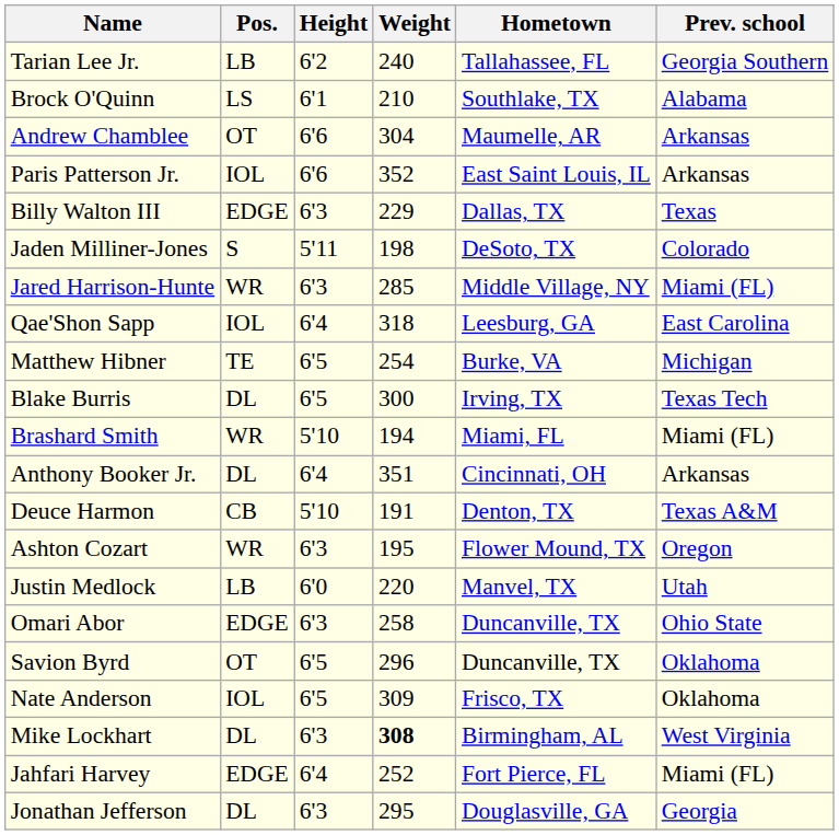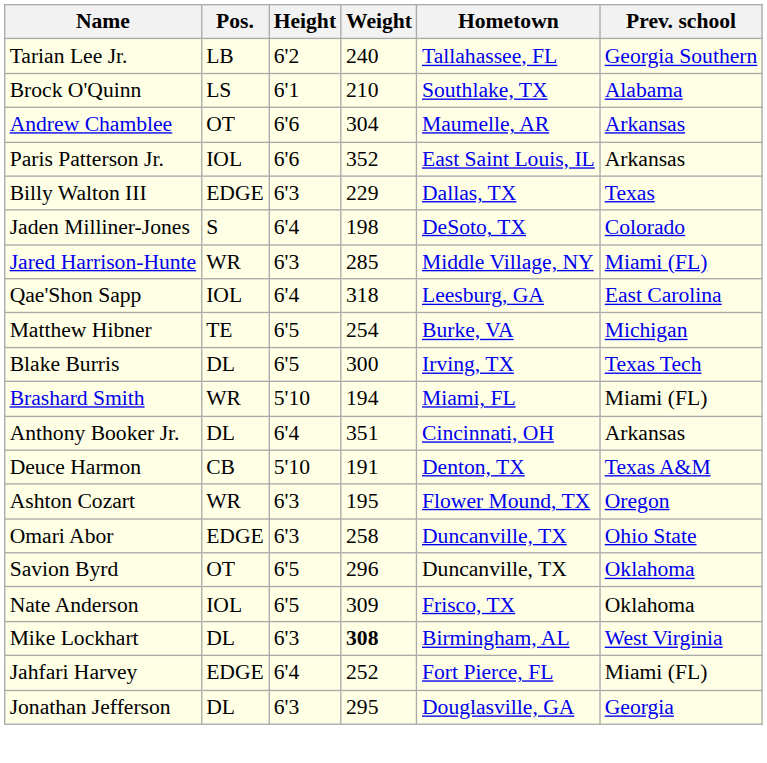 <table class="wikitable sortable">
 <tr>
 <th>Name</th>
 <th>Pos.</th>
 <th>Height</th>
 <th>Weight</th>
 <th>Hometown</th>
 <th class="unsortable">Prev. school</th>
 </tr>
 <tr style="background:#FFFFE6;">
 <td>Tarian Lee Jr.</td>
 <td>LB</td>
 <td>6'2</td>
 <td>240</td>
 <td><a href='#'>Tallahassee, FL</a></td>
 <td><a href='#'>Georgia Southern</a></td>
 </tr>
 <tr style="background:#FFFFE6;">
 <td>Brock O'Quinn</td>
 <td>LS</td>
 <td>6'1</td>
 <td>210</td>
 <td><a href='#'>Southlake, TX</a></td>
 <td><a href='#'>Alabama</a></td>
 </tr>
 <tr style="background:#FFFFE6;">
 <td><a href='#'>Andrew Chamblee</a></td>
 <td>OT</td>
 <td>6'6</td>
 <td>304</td>
 <td><a href='#'>Maumelle, AR</a></td>
 <td><a href='#'>Arkansas</a></td>
 </tr>
 <tr style="background:#FFFFE6;">
 <td>Paris Patterson Jr.</td>
 <td>IOL</td>
 <td>6'6</td>
 <td>352</td>
 <td><a href='#'>East Saint Louis, IL</a></td>
 <td>Arkansas</td>
 </tr>
 <tr style="background:#FFFFE6;">
 <td>Billy Walton III</td>
 <td>EDGE</td>
 <td>6'3</td>
 <td>229</td>
 <td><a href='#'>Dallas, TX</a></td>
 <td><a href='#'>Texas</a></td>
 </tr>
 <tr style="background:#FFFFE6;">
 <td>Jaden Milliner-Jones</td>
 <td>S</td>
-<td>5'11</td>
+<td>6'4</td>
 <td>198</td>
 <td><a href='#'>DeSoto, TX</a></td>
 <td><a href='#'>Colorado</a></td>
 </tr>
 <tr style="background:#FFFFE6;">
 <td><a href='#'>Jared Harrison-Hunte</a></td>
 <td>WR</td>
 <td>6'3</td>
 <td>285</td>
 <td><a href='#'>Middle Village, NY</a></td>
 <td><a href='#'>Miami (FL)</a></td>
 </tr>
 <tr style="background:#FFFFE6;">
 <td>Qae'Shon Sapp</td>
 <td>IOL</td>
 <td>6'4</td>
 <td>318</td>
 <td><a href='#'>Leesburg, GA</a></td>
 <td><a href='#'>East Carolina</a></td>
 </tr>
 <tr style="background:#FFFFE6;">
 <td>Matthew Hibner</td>
 <td>TE</td>
 <td>6'5</td>
 <td>254</td>
 <td><a href='#'>Burke, VA</a></td>
 <td><a href='#'>Michigan</a></td>
 </tr>
 <tr style="background:#FFFFE6;">
 <td>Blake Burris</td>
 <td>DL</td>
 <td>6'5</td>
 <td>300</td>
 <td><a href='#'>Irving, TX</a></td>
 <td><a href='#'>Texas Tech</a></td>
 </tr>
 <tr style="background:#FFFFE6;">
 <td><a href='#'>Brashard Smith</a></td>
 <td>WR</td>
 <td>5'10</td>
 <td>194</td>
 <td><a href='#'>Miami, FL</a></td>
 <td>Miami (FL)</td>
 </tr>
 <tr style="background:#FFFFE6;">
 <td>Anthony Booker Jr.</td>
 <td>DL</td>
 <td>6'4</td>
 <td>351</td>
 <td><a href='#'>Cincinnati, OH</a></td>
 <td>Arkansas</td>
 </tr>
 <tr style="background:#FFFFE6;">
 <td>Deuce Harmon</td>
 <td>CB</td>
 <td>5'10</td>
 <td>191</td>
 <td><a href='#'>Denton, TX</a></td>
 <td><a href='#'>Texas A&M</a></td>
 </tr>
 <tr style="background:#FFFFE6;">
 <td>Ashton Cozart</td>
 <td>WR</td>
 <td>6'3</td>
 <td>195</td>
 <td><a href='#'>Flower Mound, TX</a></td>
 <td><a href='#'>Oregon</a></td>
 </tr>
 <tr style="background:#FFFFE6;">
-<td>Justin Medlock</td>
-<td>LB</td>
-<td>6'0</td>
-<td>220</td>
-<td><a href='#'>Manvel, TX</a></td>
-<td><a href='#'>Utah</a></td>
-</tr>
-<tr style="background:#FFFFE6;">
 <td>Omari Abor</td>
 <td>EDGE</td>
 <td>6'3</td>
 <td>258</td>
 <td><a href='#'>Duncanville, TX</a></td>
 <td><a href='#'>Ohio State</a></td>
 </tr>
 <tr style="background:#FFFFE6;">
 <td>Savion Byrd</td>
 <td>OT</td>
 <td>6'5</td>
 <td>296</td>
 <td>Duncanville, TX</td>
 <td><a href='#'>Oklahoma</a></td>
 </tr>
 <tr style="background:#FFFFE6;">
 <td>Nate Anderson</td>
 <td>IOL</td>
 <td>6'5</td>
 <td>309</td>
 <td><a href='#'>Frisco, TX</a></td>
 <td>Oklahoma</td>
 </tr>
 <tr style="background:#FFFFE6;">
 <td>Mike Lockhart</td>
 <td>DL</td>
 <td>6'3</td>
 <td><strong>308</strong></td>
 <td><a href='#'>Birmingham, AL</a></td>
 <td><a href='#'>West Virginia</a></td>
 </tr>
 <tr style="background:#FFFFE6;">
 <td>Jahfari Harvey</td>
 <td>EDGE</td>
 <td>6'4</td>
 <td>252</td>
 <td><a href='#'>Fort Pierce, FL</a></td>
 <td>Miami (FL)</td>
 </tr>
 <tr style="background:#FFFFE6;">
 <td>Jonathan Jefferson</td>
 <td>DL</td>
 <td>6'3</td>
 <td>295</td>
 <td><a href='#'>Douglasville, GA</a></td>
 <td><a href='#'>Georgia</a></td>
 </tr>
 </table>
